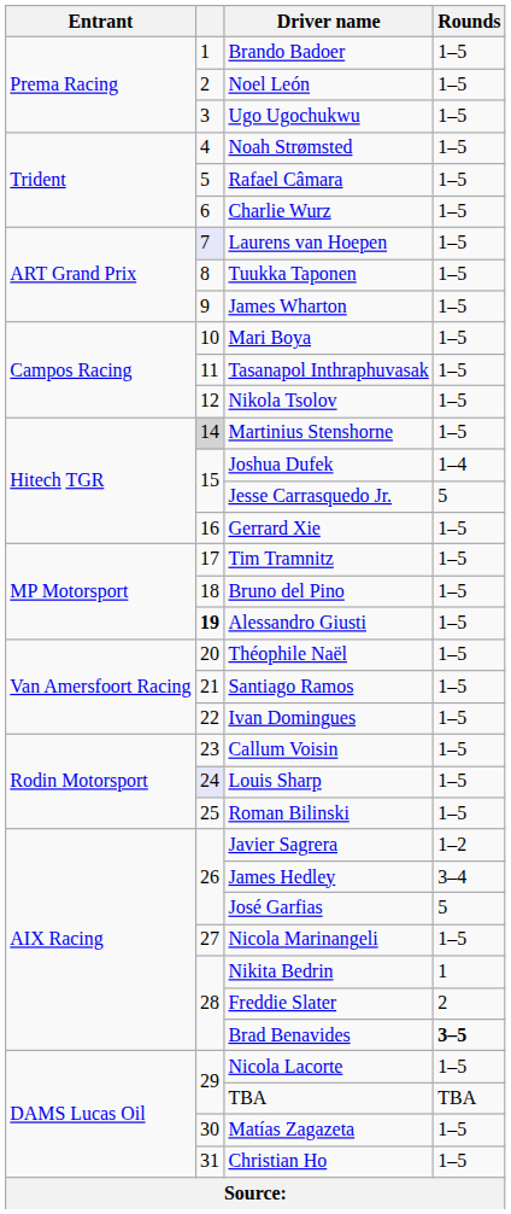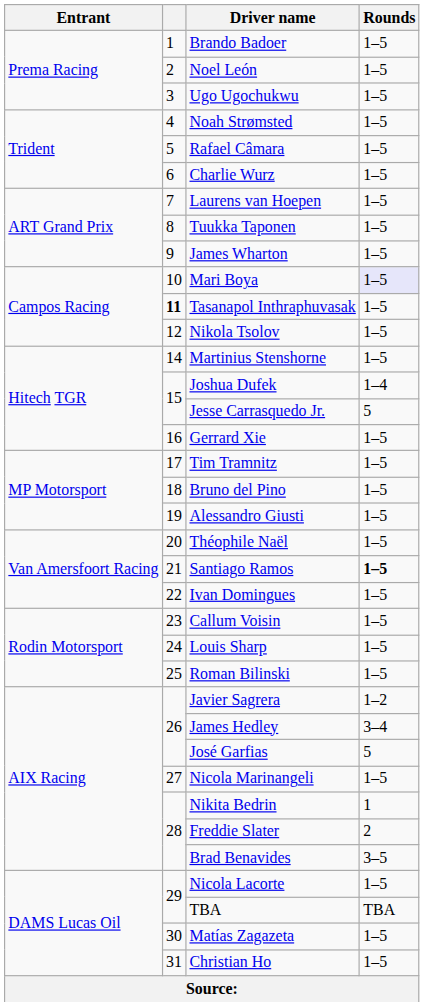 <table class="wikitable" style="font-size: 85%;">
 <tr>
 <th>Entrant</th>
 <th></th>
 <th>Driver name</th>
 <th>Rounds</th>
 </tr>
 <tr>
 <td rowspan="3"> <a href='#'>Prema Racing</a></td>
 <td>1</td>
 <td> <a href='#'>Brando Badoer</a></td>
 <td>1–5</td>
 </tr>
 <tr>
 <td>2</td>
 <td> <a href='#'>Noel León</a></td>
 <td>1–5</td>
 </tr>
 <tr>
 <td>3</td>
 <td> <a href='#'>Ugo Ugochukwu</a></td>
 <td>1–5</td>
 </tr>
 <tr>
 <td rowspan="3"> <a href='#'>Trident</a></td>
 <td>4</td>
 <td> <a href='#'>Noah Strømsted</a></td>
 <td>1–5</td>
 </tr>
 <tr>
 <td>5</td>
 <td> <a href='#'>Rafael Câmara</a></td>
 <td>1–5</td>
 </tr>
 <tr>
 <td>6</td>
 <td> <a href='#'>Charlie Wurz</a></td>
 <td>1–5</td>
 </tr>
 <tr>
 <td rowspan="3"> <a href='#'>ART Grand Prix</a></td>
-<td style="background: lavender;">7</td>
+<td>7</td>
 <td> <a href='#'>Laurens van Hoepen</a></td>
 <td>1–5</td>
 </tr>
 <tr>
 <td>8</td>
 <td> <a href='#'>Tuukka Taponen</a></td>
 <td>1–5</td>
 </tr>
 <tr>
 <td>9</td>
 <td> <a href='#'>James Wharton</a></td>
 <td>1–5</td>
 </tr>
 <tr>
 <td rowspan="3"> <a href='#'>Campos Racing</a></td>
 <td>10</td>
 <td> <a href='#'>Mari Boya</a></td>
-<td>1–5</td>
+<td style="background: lavender;">1–5</td>
 </tr>
 <tr>
-<td>11</td>
+<td><strong>11</strong></td>
 <td nowrap=""> <a href='#'>Tasanapol Inthraphuvasak</a></td>
 <td>1–5</td>
 </tr>
 <tr>
 <td>12</td>
 <td> <a href='#'>Nikola Tsolov</a></td>
 <td>1–5</td>
 </tr>
 <tr>
 <td rowspan="4"> <a href='#'>Hitech</a> <a href='#'>TGR</a></td>
-<td style="background: lightgrey;">14</td>
+<td>14</td>
 <td> <a href='#'>Martinius Stenshorne</a></td>
 <td>1–5</td>
 </tr>
 <tr>
 <td rowspan="2">15</td>
 <td> <a href='#'>Joshua Dufek</a></td>
 <td>1–4</td>
 </tr>
 <tr>
 <td> <a href='#'>Jesse Carrasquedo Jr.</a></td>
 <td>5</td>
 </tr>
 <tr>
 <td>16</td>
 <td> <a href='#'>Gerrard Xie</a></td>
 <td>1–5</td>
 </tr>
 <tr>
 <td rowspan="3"> <a href='#'>MP Motorsport</a></td>
 <td>17</td>
 <td> <a href='#'>Tim Tramnitz</a></td>
 <td>1–5</td>
 </tr>
 <tr>
 <td>18</td>
 <td> <a href='#'>Bruno del Pino</a></td>
 <td>1–5</td>
 </tr>
 <tr>
-<td><strong>19</strong></td>
+<td>19</td>
 <td> <a href='#'>Alessandro Giusti</a></td>
 <td>1–5</td>
 </tr>
 <tr>
 <td rowspan="3" nowrap> <a href='#'>Van Amersfoort Racing</a></td>
 <td>20</td>
 <td> <a href='#'>Théophile Naël</a></td>
 <td>1–5</td>
 </tr>
 <tr>
 <td>21</td>
 <td> <a href='#'>Santiago Ramos</a></td>
-<td>1–5</td>
+<td><strong>1–5</strong></td>
 </tr>
 <tr>
 <td>22</td>
 <td> <a href='#'>Ivan Domingues</a></td>
 <td>1–5</td>
 </tr>
 <tr>
 <td rowspan="3"> <a href='#'>Rodin Motorsport</a></td>
 <td>23</td>
 <td> <a href='#'>Callum Voisin</a></td>
 <td>1–5</td>
 </tr>
 <tr>
-<td style="background: lavender;">24</td>
+<td>24</td>
 <td> <a href='#'>Louis Sharp</a></td>
 <td>1–5</td>
 </tr>
 <tr>
 <td>25</td>
 <td> <a href='#'>Roman Bilinski</a></td>
 <td>1–5</td>
 </tr>
 <tr>
 <td rowspan="7" nowrap=""> <a href='#'>AIX Racing</a></td>
 <td rowspan="3">26</td>
 <td> <a href='#'>Javier Sagrera</a></td>
 <td>1–2</td>
 </tr>
 <tr>
 <td> <a href='#'>James Hedley</a></td>
 <td>3–4</td>
 </tr>
 <tr>
 <td> <a href='#'>José Garfias</a></td>
 <td>5</td>
 </tr>
 <tr>
 <td>27</td>
 <td> <a href='#'>Nicola Marinangeli</a></td>
 <td>1–5</td>
 </tr>
 <tr>
 <td rowspan="3">28</td>
 <td> <a href='#'>Nikita Bedrin</a></td>
 <td>1</td>
 </tr>
 <tr>
 <td> <a href='#'>Freddie Slater</a></td>
 <td>2</td>
 </tr>
 <tr>
 <td> <a href='#'>Brad Benavides</a></td>
-<td><strong>3–5</strong></td>
+<td>3–5</td>
 </tr>
 <tr>
 <td rowspan="4"> <a href='#'>DAMS Lucas Oil</a></td>
 <td rowspan="2">29</td>
 <td> <a href='#'>Nicola Lacorte</a></td>
 <td>1–5</td>
 </tr>
 <tr>
 <td> TBA</td>
 <td>TBA</td>
 </tr>
 <tr>
 <td>30</td>
 <td> <a href='#'>Matías Zagazeta</a></td>
 <td>1–5</td>
 </tr>
 <tr>
 <td>31</td>
 <td> <a href='#'>Christian Ho</a></td>
 <td>1–5</td>
 </tr>
 <tr>
 <th colspan="4">Source:</th>
 </tr>
 </table>
